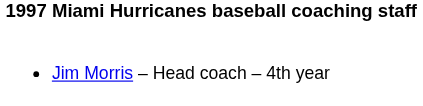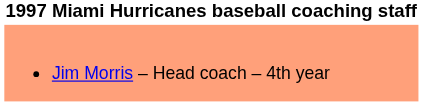 <table class="toccolours">
 <tr>
 <th colspan=9>1997 Miami Hurricanes baseball coaching staff</th>
 </tr>
 <tr>
-<td style="text-align: left; font-size: 95%;" valign="top"><br><ul><li><a href='#'>Jim Morris</a> – Head coach – 4th year</li></ul></td>
+<td style="background: lightsalmon; text-align: left; font-size: 95%;" valign="top"><br><ul><li><a href='#'>Jim Morris</a> – Head coach – 4th year</li></ul></td>
 </tr>
 </table>
